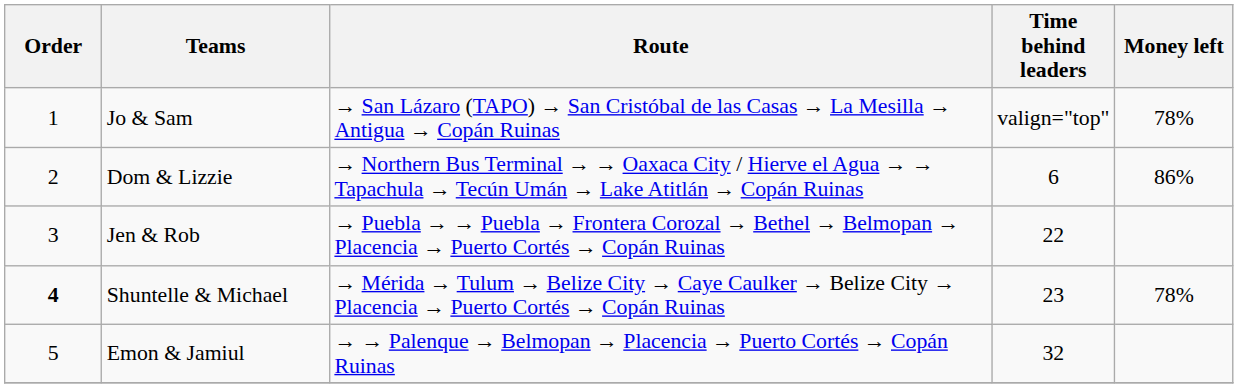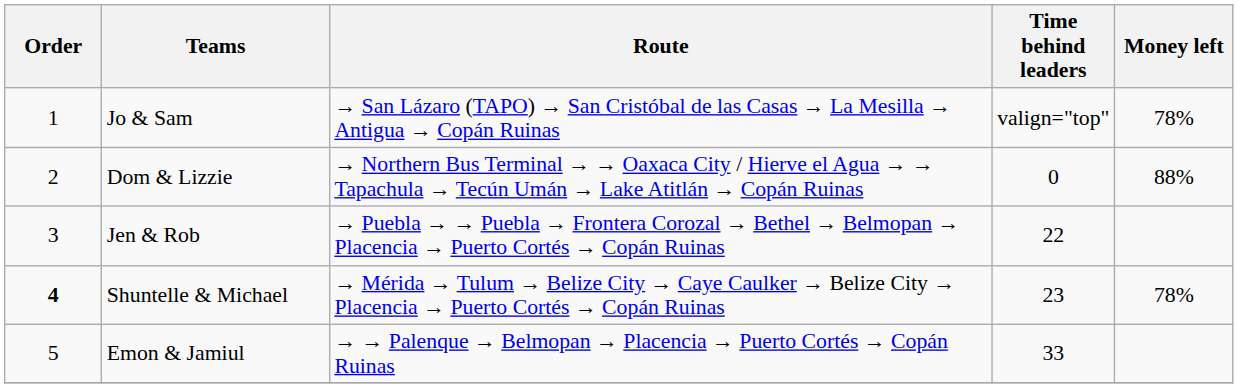 <table class="wikitable sortable" style="text-align:center">
 <tr>
 <th style="width:4em">Order</th>
 <th style="width:10em">Teams</th>
 <th style="width:30em">Route</th>
 <th style="width:5em">Time behind leaders</th>
 <th style="width:5em">Money left</th>
 </tr>
 <tr>
 <td>1</td>
 <td style="text-align:left">Jo & Sam</td>
 <td style="text-align:left"> → <a href='#'>San Lázaro</a> (<a href='#'>TAPO</a>)  → <a href='#'>San Cristóbal de las Casas</a>  → <a href='#'>La Mesilla</a> → <a href='#'>Antigua</a>   → <a href='#'>Copán Ruinas</a></td>
 <td>valign="top" </td>
 <td>78%</td>
 </tr>
 <tr>
 <td>2</td>
 <td style="text-align:left">Dom & Lizzie</td>
 <td style="text-align:left"> → <a href='#'>Northern Bus Terminal</a> →  → <a href='#'>Oaxaca City</a> / <a href='#'>Hierve el Agua</a>  →   → <a href='#'>Tapachula</a> → <a href='#'>Tecún Umán</a>  → <a href='#'>Lake Atitlán</a>  → <a href='#'>Copán Ruinas</a></td>
-<td>6</td>
-<td>86%</td>
+<td>0</td>
+<td>88%</td>
 </tr>
 <tr>
 <td>3</td>
 <td style="text-align:left">Jen & Rob</td>
 <td style="text-align:left"> → <a href='#'>Puebla</a> →  → <a href='#'>Puebla</a>  → <a href='#'>Frontera Corozal</a>   → <a href='#'>Bethel</a> → <a href='#'>Belmopan</a>  → <a href='#'>Placencia</a>  → <a href='#'>Puerto Cortés</a>  → <a href='#'>Copán Ruinas</a></td>
 <td>22</td>
 <td></td>
 </tr>
 <tr>
 <td><strong>4</strong></td>
 <td style="text-align:left">Shuntelle & Michael</td>
 <td style="text-align:left"> → <a href='#'>Mérida</a>  → <a href='#'>Tulum</a>  → <a href='#'>Belize City</a>  → <a href='#'>Caye Caulker</a>   → Belize City   → <a href='#'>Placencia</a>  → <a href='#'>Puerto Cortés</a>  → <a href='#'>Copán Ruinas</a></td>
 <td>23</td>
 <td>78%</td>
 </tr>
 <tr>
 <td>5</td>
 <td style="text-align:left">Emon & Jamiul</td>
 <td style="text-align:left"> →  → <a href='#'>Palenque</a>  → <a href='#'>Belmopan</a>  → <a href='#'>Placencia</a>  → <a href='#'>Puerto Cortés</a> →  <a href='#'>Copán Ruinas</a></td>
-<td>32</td>
+<td>33</td>
 <td></td>
 </tr>
 <tr>
 </tr>
 </table>
